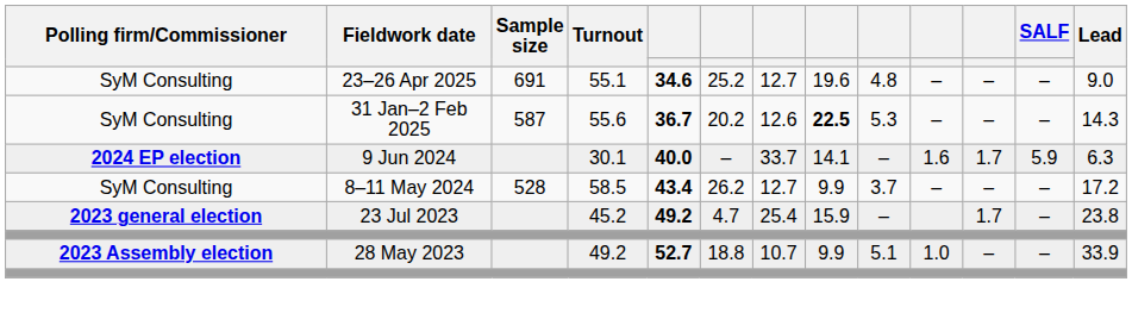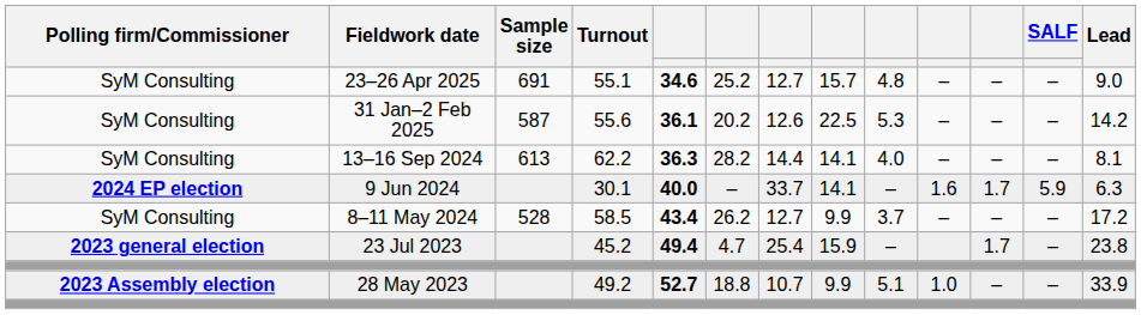 <table class="wikitable collapsible" style="text-align:center; font-size:95%; line-height:16px;">
 <tr style="height:42px;">
 <th style="width:250px;" rowspan="2">Polling firm/Commissioner</th>
 <th style="width:125px;" rowspan="2">Fieldwork date</th>
 <th style="width:50px;" rowspan="2">Sample size</th>
 <th style="width:45px;" rowspan="2">Turnout</th>
 <th style="width:35px;"></th>
 <th style="width:35px;"></th>
 <th style="width:35px;"></th>
 <th style="width:35px;"></th>
 <th style="width:35px;"></th>
 <th style="width:35px;"></th>
 <th style="width:35px;"></th>
 <th style="width:35px;"><a href='#'>SALF</a></th>
 <th style="width:30px;" rowspan="2">Lead</th>
 </tr>
 <tr>
 <th style="color:inherit;background:"></th>
 <th style="color:inherit;background:"></th>
 <th style="color:inherit;background:"></th>
 <th style="color:inherit;background:"></th>
 <th style="color:inherit;background:"></th>
 <th style="color:inherit;background:"></th>
 <th style="color:inherit;background:"></th>
 <th style="color:inherit;background:"></th>
 </tr>
 <tr>
 <td>SyM Consulting</td>
 <td>23–26 Apr 2025</td>
 <td>691</td>
 <td>55.1</td>
 <td><strong>34.6</strong><br></td>
 <td>25.2<br></td>
 <td>12.7<br></td>
-<td>19.6<br></td>
+<td>15.7<br></td>
 <td>4.8<br></td>
 <td>–</td>
 <td>–</td>
 <td>–</td>
 <td style="background:">9.0</td>
 </tr>
 <tr>
 <td>SyM Consulting</td>
 <td>31 Jan–2 Feb 2025</td>
 <td>587</td>
 <td>55.6</td>
-<td><strong>36.7</strong><br></td>
+<td><strong>36.1</strong><br></td>
 <td>20.2<br></td>
 <td>12.6<br></td>
-<td><strong>22.5<br></strong></td>
+<td>22.5<br></td>
 <td>5.3<br></td>
 <td>–</td>
 <td>–</td>
 <td>–</td>
-<td style="background:">14.3</td>
+<td style="background:">14.2</td>
+</tr>
+<tr>
+<td>SyM Consulting</td>
+<td>13–16 Sep 2024</td>
+<td>613</td>
+<td>62.2</td>
+<td><strong>36.3</strong><br></td>
+<td>28.2<br></td>
+<td>14.4<br></td>
+<td>14.1<br></td>
+<td>4.0<br></td>
+<td>–</td>
+<td>–</td>
+<td>–</td>
+<td style="background:">8.1</td>
 </tr>
 <tr style="background:#EFEFEF;">
 <td><strong><a href='#'>2024 EP election</a></strong></td>
 <td>9 Jun 2024</td>
 <td></td>
 <td>30.1</td>
 <td><strong>40.0</strong><br></td>
 <td>–</td>
 <td>33.7<br></td>
 <td>14.1<br></td>
 <td>–</td>
 <td>1.6<br></td>
 <td>1.7<br></td>
 <td>5.9<br></td>
 <td style="background:">6.3</td>
 </tr>
 <tr>
 <td>SyM Consulting</td>
 <td>8–11 May 2024</td>
 <td>528</td>
 <td>58.5</td>
 <td><strong>43.4</strong><br></td>
 <td>26.2<br></td>
 <td>12.7<br></td>
 <td>9.9<br></td>
 <td>3.7<br></td>
 <td>–</td>
 <td>–</td>
 <td>–</td>
 <td style="background:">17.2</td>
 </tr>
 <tr style="background:#EFEFEF;">
 <td><strong><a href='#'>2023 general election</a></strong></td>
 <td>23 Jul 2023</td>
 <td></td>
 <td>45.2</td>
-<td><strong>49.2</strong><br></td>
+<td><strong>49.4</strong><br></td>
 <td>4.7<br></td>
 <td>25.4<br></td>
 <td>15.9<br></td>
 <td>–</td>
 <td></td>
 <td>1.7<br></td>
 <td>–</td>
 <td style="background:">23.8</td>
 </tr>
 <tr>
 <td colspan="13" style="background:#A0A0A0"></td>
 </tr>
 <tr style="background:#EFEFEF;">
 <td><strong><a href='#'>2023 Assembly election</a></strong></td>
 <td>28 May 2023</td>
 <td></td>
 <td>49.2</td>
 <td><strong>52.7</strong><br></td>
 <td>18.8<br></td>
 <td>10.7<br></td>
 <td>9.9<br></td>
 <td>5.1<br></td>
 <td>1.0<br></td>
 <td>–</td>
 <td>–</td>
 <td style="background:">33.9</td>
 </tr>
 <tr>
 <td colspan="13" style="background:#A0A0A0"></td>
 </tr>
 </table>
